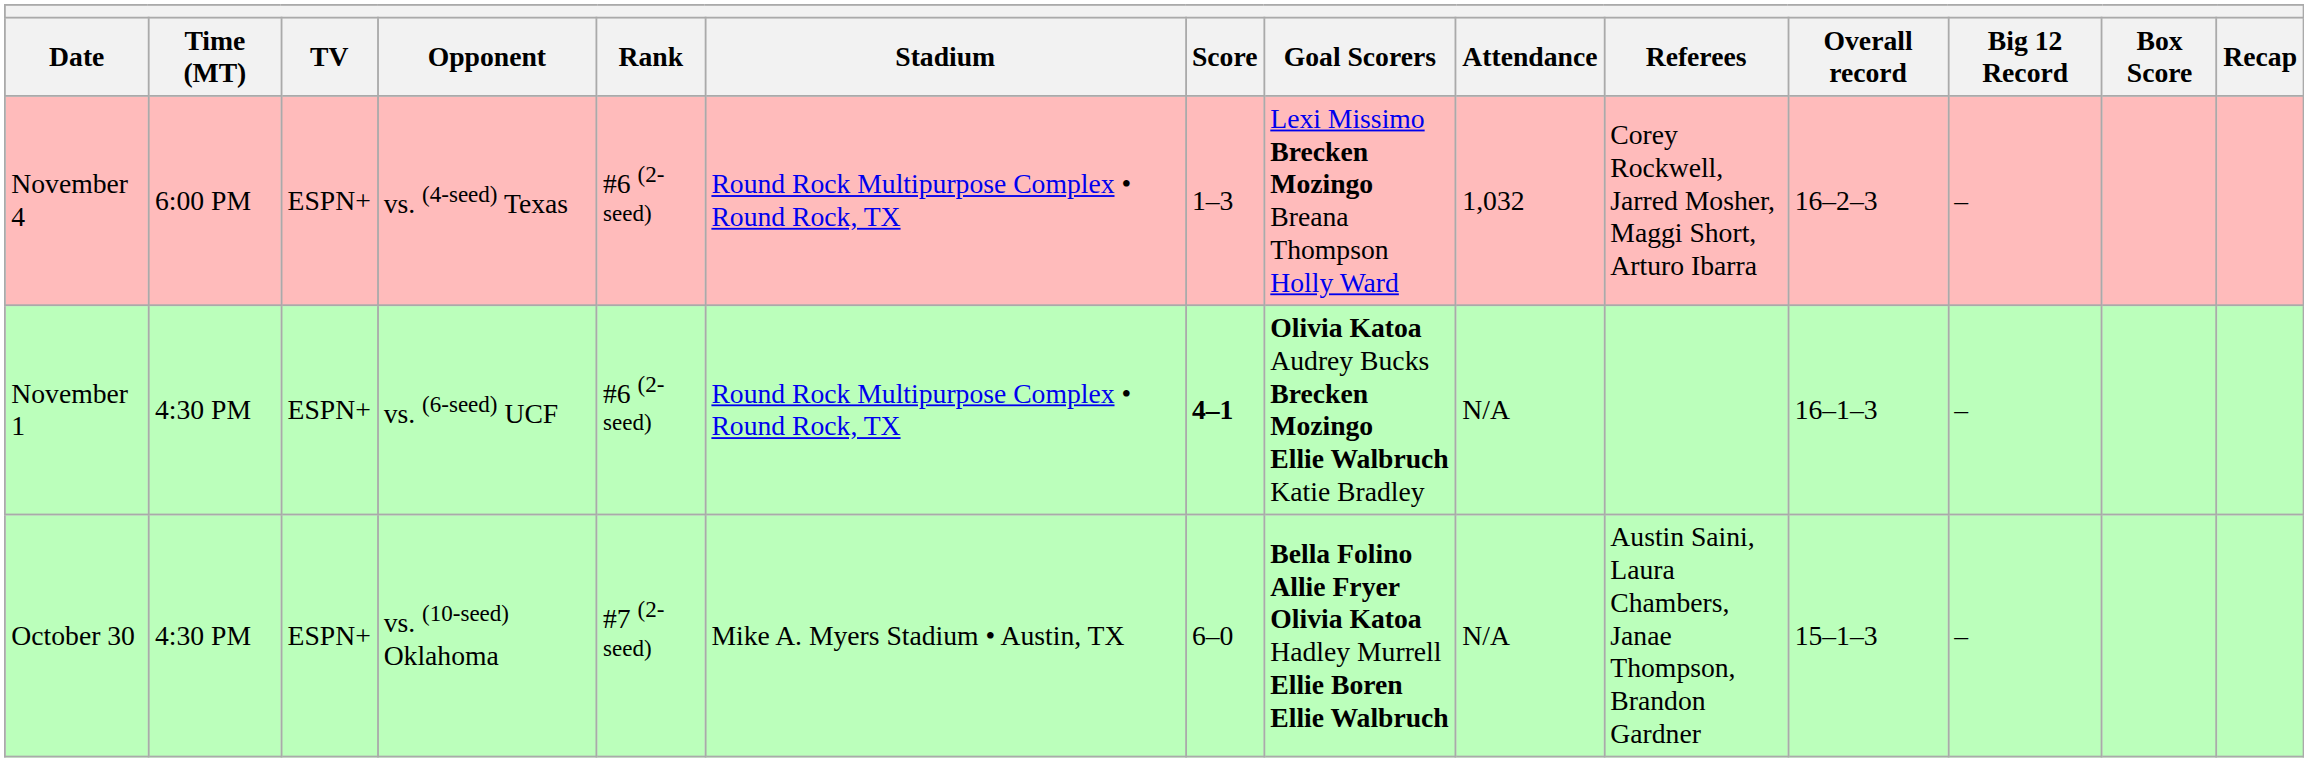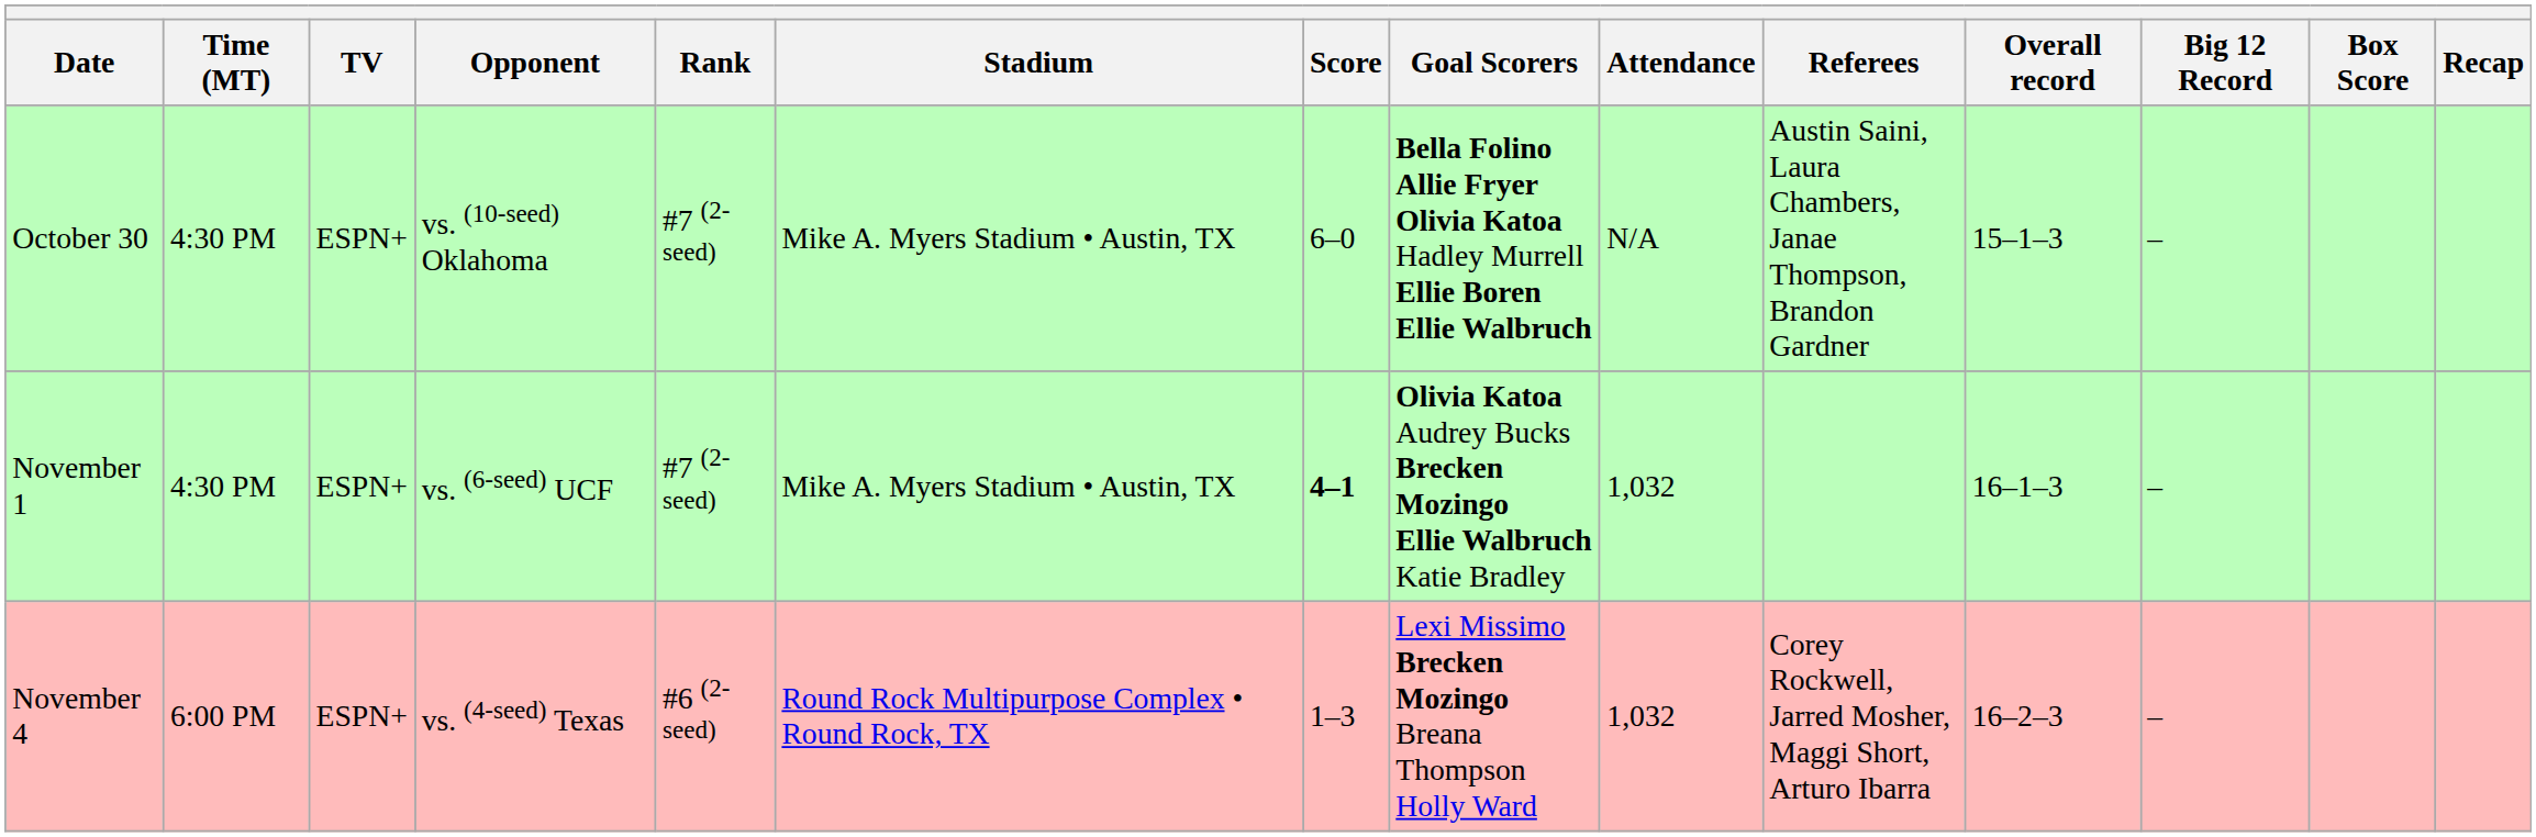 <table class="wikitable collapsible collapsed" style="margin:auto; font-size:95%; width:100%">
 <tr>
 <th colspan=14 style="padding-left:4em;"></th>
 </tr>
 <tr>
 <th>Date</th>
 <th>Time (MT)</th>
 <th>TV</th>
 <th>Opponent</th>
 <th>Rank</th>
 <th>Stadium</th>
 <th>Score</th>
 <th>Goal Scorers</th>
 <th>Attendance</th>
 <th>Referees</th>
 <th>Overall record</th>
 <th>Big 12 Record</th>
 <th>Box Score</th>
 <th>Recap</th>
 </tr>
+<tr bgcolor=bbffbb>
+<td>October 30</td>
+<td>4:30 PM</td>
+<td>ESPN+</td>
+<td>vs. <sup>(10-seed)</sup> Oklahoma</td>
+<td>#7 <sup>(2-seed)</sup></td>
+<td>Mike A. Myers Stadium • Austin, TX</td>
+<td>6–0</td>
+<td><strong>Bella Folino</strong>  <br> <strong>Allie Fryer</strong>  <br> <strong>Olivia Katoa</strong>  <br>  Hadley Murrell <br> <strong>Ellie Boren</strong>  <br> <strong>Ellie Walbruch</strong> </td>
+<td>N/A</td>
+<td>Austin Saini, <br> Laura Chambers, <br> Janae Thompson, <br> Brandon Gardner</td>
+<td>15–1–3</td>
+<td>–</td>
+<td></td>
+<td></td>
+</tr>
+<tr bgcolor=bbffbb>
+<td>November 1</td>
+<td>4:30 PM</td>
+<td>ESPN+</td>
+<td>vs. <sup>(6-seed)</sup> UCF</td>
+<td>#7 <sup>(2-seed)</sup></td>
+<td>Mike A. Myers Stadium • Austin, TX</td>
+<td><strong>4–1</strong></td>
+<td><strong>Olivia Katoa</strong>  <br>  Audrey Bucks <br> <strong>Brecken Mozingo</strong>  <br> <strong>Ellie Walbruch</strong>  <br>  Katie Bradley</td>
+<td>1,032</td>
+<td></td>
+<td>16–1–3</td>
+<td>–</td>
+<td></td>
+<td></td>
+</tr>
 <tr bgcolor=ffbbbb>
 <td>November 4</td>
 <td>6:00 PM</td>
 <td>ESPN+</td>
 <td>vs. <sup>(4-seed)</sup> Texas</td>
 <td>#6 <sup>(2-seed)</sup></td>
 <td><a href='#'>Round Rock Multipurpose Complex</a> • <a href='#'>Round Rock, TX</a></td>
 <td>1–3</td>
 <td> <a href='#'>Lexi Missimo</a> <br> <strong>Brecken Mozingo</strong>  <br>  Breana Thompson <br>  <a href='#'>Holly Ward</a></td>
 <td>1,032</td>
 <td>Corey Rockwell, <br> Jarred Mosher, <br> Maggi Short, <br> Arturo Ibarra</td>
 <td>16–2–3</td>
 <td>–</td>
 <td></td>
 <td></td>
 </tr>
-<tr bgcolor=bbffbb>
-<td>November 1</td>
-<td>4:30 PM</td>
-<td>ESPN+</td>
-<td>vs. <sup>(6-seed)</sup> UCF</td>
-<td>#6 <sup>(2-seed)</sup></td>
-<td><a href='#'>Round Rock Multipurpose Complex</a> • <a href='#'>Round Rock, TX</a></td>
-<td><strong>4–1</strong></td>
-<td><strong>Olivia Katoa</strong>  <br>  Audrey Bucks <br> <strong>Brecken Mozingo</strong>  <br> <strong>Ellie Walbruch</strong>  <br>  Katie Bradley</td>
-<td>N/A</td>
-<td></td>
-<td>16–1–3</td>
-<td>–</td>
-<td></td>
-<td></td>
-</tr>
-<tr bgcolor=bbffbb>
-<td>October 30</td>
-<td>4:30 PM</td>
-<td>ESPN+</td>
-<td>vs. <sup>(10-seed)</sup> Oklahoma</td>
-<td>#7 <sup>(2-seed)</sup></td>
-<td>Mike A. Myers Stadium • Austin, TX</td>
-<td>6–0</td>
-<td><strong>Bella Folino</strong>  <br> <strong>Allie Fryer</strong>  <br> <strong>Olivia Katoa</strong>  <br>  Hadley Murrell <br> <strong>Ellie Boren</strong>  <br> <strong>Ellie Walbruch</strong> </td>
-<td>N/A</td>
-<td>Austin Saini, <br> Laura Chambers, <br> Janae Thompson, <br> Brandon Gardner</td>
-<td>15–1–3</td>
-<td>–</td>
-<td></td>
-<td></td>
-</tr>
 </table>
